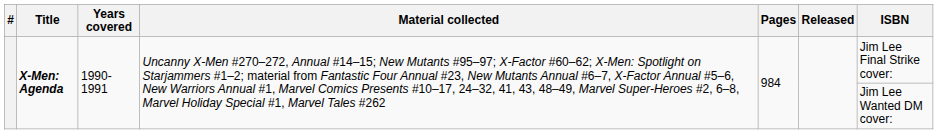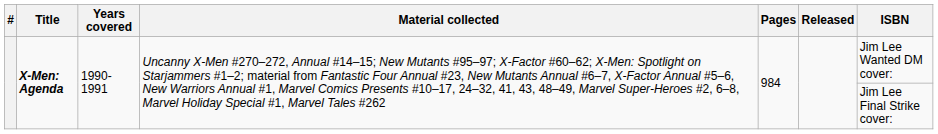 <table class="wikitable sortable" width="98%">
 <tr>
 <th width="4px">#</th>
 <th>Title</th>
 <th>Years covered</th>
 <th>Material collected</th>
 <th>Pages</th>
 <th>Released</th>
 <th class="unsortable">ISBN</th>
 </tr>
 <tr>
 <th rowspan="2"></th>
 <td rowspan="2"><strong><em>X-Men:  Agenda</em></strong></td>
 <td rowspan="2">1990-1991</td>
 <td rowspan="2"><em>Uncanny X-Men</em> #270–272, <em>Annual</em> #14–15; <em>New Mutants</em> #95–97; <em>X-Factor</em> #60–62; <em>X-Men: Spotlight on Starjammers</em> #1–2; material from <em>Fantastic Four Annual</em> #23, <em>New Mutants Annual</em> #6–7, <em>X-Factor Annual</em> #5–6, <em>New Warriors Annual</em> #1, <em>Marvel Comics Presents</em> #10–17, 24–32, 41, 43, 48–49, <em>Marvel Super-Heroes</em> #2, 6–8, <em>Marvel Holiday Special</em> #1, <em>Marvel Tales</em> #262</td>
 <td rowspan="2">984</td>
 <td rowspan="2"></td>
+<td>Jim Lee Wanted DM cover: </td>
+</tr>
+<tr>
 <td>Jim Lee Final Strike cover: </td>
 </tr>
-<tr>
-<td>Jim Lee Wanted DM cover: </td>
-</tr>
 </table>
